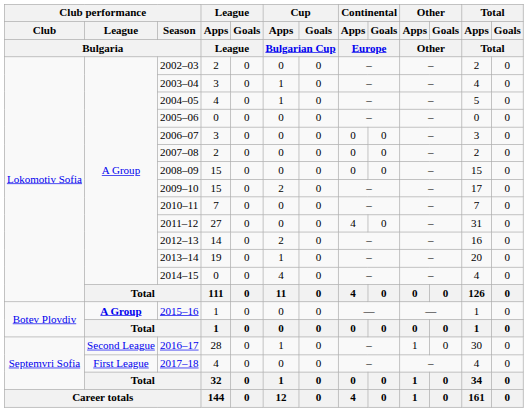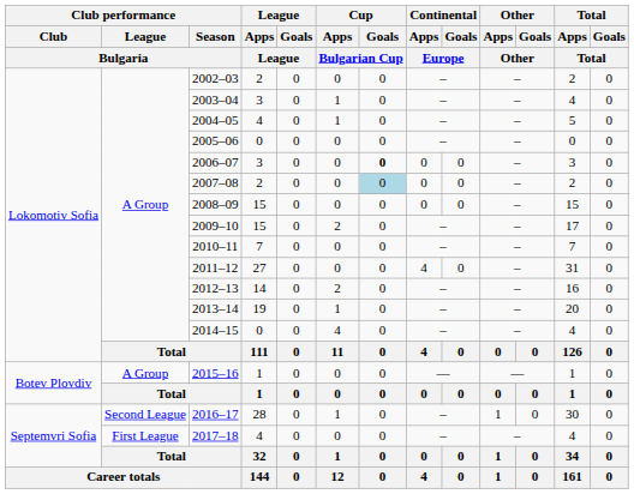 <table class="wikitable" style="text-align: center">
 <tr>
 <th Colspan="3">Club performance</th>
 <th Colspan="2">League</th>
 <th Colspan="2">Cup</th>
 <th Colspan="2">Continental</th>
 <th Colspan="2">Other</th>
 <th Colspan="3">Total</th>
 </tr>
 <tr>
 <th>Club</th>
 <th>League</th>
 <th>Season</th>
 <th>Apps</th>
 <th>Goals</th>
 <th>Apps</th>
 <th>Goals</th>
 <th>Apps</th>
 <th>Goals</th>
 <th>Apps</th>
 <th>Goals</th>
 <th>Apps</th>
 <th>Goals</th>
 </tr>
 <tr>
 <th Colspan="3">Bulgaria</th>
 <th Colspan="2">League</th>
 <th Colspan="2"><a href='#'>Bulgarian Cup</a></th>
 <th Colspan="2"><a href='#'>Europe</a></th>
 <th Colspan="2">Other</th>
 <th Colspan="2">Total</th>
 </tr>
 <tr>
 <td rowspan="14" valign="center"><a href='#'>Lokomotiv Sofia</a></td>
 <td rowspan="13"><a href='#'>A Group</a></td>
 <td>2002–03</td>
 <td>2</td>
 <td>0</td>
 <td>0</td>
 <td>0</td>
 <td colspan="2">–</td>
 <td colspan="2">–</td>
 <td>2</td>
 <td>0</td>
 </tr>
 <tr>
 <td>2003–04</td>
 <td>3</td>
 <td>0</td>
 <td>1</td>
 <td>0</td>
 <td colspan="2">–</td>
 <td colspan="2">–</td>
 <td>4</td>
 <td>0</td>
 </tr>
 <tr>
 <td>2004–05</td>
 <td>4</td>
 <td>0</td>
 <td>1</td>
 <td>0</td>
 <td colspan="2">–</td>
 <td colspan="2">–</td>
 <td>5</td>
 <td>0</td>
 </tr>
 <tr>
 <td>2005–06</td>
 <td>0</td>
 <td>0</td>
 <td>0</td>
 <td>0</td>
 <td colspan="2">–</td>
 <td colspan="2">–</td>
 <td>0</td>
 <td>0</td>
 </tr>
 <tr>
 <td>2006–07</td>
 <td>3</td>
 <td>0</td>
 <td>0</td>
-<td>0</td>
+<td><strong>0</strong></td>
 <td>0</td>
 <td>0</td>
 <td colspan="2">–</td>
 <td>3</td>
 <td>0</td>
 </tr>
 <tr>
 <td>2007–08</td>
 <td>2</td>
 <td>0</td>
 <td>0</td>
-<td>0</td>
+<td style="background: lightblue;">0</td>
 <td>0</td>
 <td>0</td>
 <td colspan="2">–</td>
 <td>2</td>
 <td>0</td>
 </tr>
 <tr>
 <td>2008–09</td>
 <td>15</td>
 <td>0</td>
 <td>0</td>
 <td>0</td>
 <td>0</td>
 <td>0</td>
 <td colspan="2">–</td>
 <td>15</td>
 <td>0</td>
 </tr>
 <tr>
 <td>2009–10</td>
 <td>15</td>
 <td>0</td>
 <td>2</td>
 <td>0</td>
 <td colspan="2">–</td>
 <td colspan="2">–</td>
 <td>17</td>
 <td>0</td>
 </tr>
 <tr>
 <td>2010–11</td>
 <td>7</td>
 <td>0</td>
 <td>0</td>
 <td>0</td>
 <td colspan="2">–</td>
 <td colspan="2">–</td>
 <td>7</td>
 <td>0</td>
 </tr>
 <tr>
 <td>2011–12</td>
 <td>27</td>
 <td>0</td>
 <td>0</td>
 <td>0</td>
 <td>4</td>
 <td>0</td>
 <td colspan="2">–</td>
 <td>31</td>
 <td>0</td>
 </tr>
 <tr>
 <td>2012–13</td>
 <td>14</td>
 <td>0</td>
 <td>2</td>
 <td>0</td>
 <td colspan="2">–</td>
 <td colspan="2">–</td>
 <td>16</td>
 <td>0</td>
 </tr>
 <tr>
 <td>2013–14</td>
 <td>19</td>
 <td>0</td>
 <td>1</td>
 <td>0</td>
 <td colspan="2">–</td>
 <td colspan="2">–</td>
 <td>20</td>
 <td>0</td>
 </tr>
 <tr>
 <td>2014–15</td>
 <td>0</td>
 <td>0</td>
 <td>4</td>
 <td>0</td>
 <td colspan="2">–</td>
 <td colspan="2">–</td>
 <td>4</td>
 <td>0</td>
 </tr>
 <tr>
 <th colspan=2>Total</th>
 <th>111</th>
 <th>0</th>
 <th>11</th>
 <th>0</th>
 <th>4</th>
 <th>0</th>
 <th>0</th>
 <th>0</th>
 <th>126</th>
 <th>0</th>
 </tr>
 <tr>
 <td rowspan="2" valign="center"><a href='#'>Botev Plovdiv</a></td>
-<td><strong><a href='#'>A Group</a></strong></td>
+<td><a href='#'>A Group</a></td>
 <td><a href='#'>2015–16</a></td>
 <td>1</td>
 <td>0</td>
 <td>0</td>
 <td>0</td>
 <td colspan="2">—</td>
 <td colspan="2">—</td>
 <td>1</td>
 <td>0</td>
 </tr>
 <tr>
 <th colspan=2>Total</th>
 <th>1</th>
 <th>0</th>
 <th>0</th>
 <th>0</th>
 <th>0</th>
 <th>0</th>
 <th>0</th>
 <th>0</th>
 <th>1</th>
 <th>0</th>
 </tr>
 <tr>
 <td rowspan="3" valign="center"><a href='#'>Septemvri Sofia</a></td>
 <td><a href='#'>Second League</a></td>
 <td><a href='#'>2016–17</a></td>
 <td>28</td>
 <td>0</td>
 <td>1</td>
 <td>0</td>
 <td colspan="2">–</td>
 <td>1</td>
 <td>0</td>
 <td>30</td>
 <td>0</td>
 </tr>
 <tr>
 <td><a href='#'>First League</a></td>
 <td><a href='#'>2017–18</a></td>
 <td>4</td>
 <td>0</td>
 <td>0</td>
 <td>0</td>
 <td colspan="2">–</td>
 <td colspan="2">–</td>
 <td>4</td>
 <td>0</td>
 </tr>
 <tr>
 <th colspan=2>Total</th>
 <th>32</th>
 <th>0</th>
 <th>1</th>
 <th>0</th>
 <th>0</th>
 <th>0</th>
 <th>1</th>
 <th>0</th>
 <th>34</th>
 <th>0</th>
 </tr>
 <tr>
 <th colspan="3">Career totals</th>
 <th>144</th>
 <th>0</th>
 <th>12</th>
 <th>0</th>
 <th>4</th>
 <th>0</th>
 <th>1</th>
 <th>0</th>
 <th>161</th>
 <th>0</th>
 </tr>
 </table>
